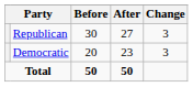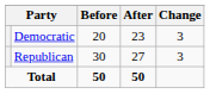 <table class="wikitable" style="text-align:center;">
 <tr>
 </tr>
 <tr>
 <th colspan=2>Party</th>
 <th>Before</th>
 <th>After</th>
 <th>Change</th>
 </tr>
 <tr>
 <th style="background-color:"></th>
-<td style="text-align:left;"><a href='#'>Republican</a></td>
-<td>30</td>
-<td>27</td>
+<td style="text-align:left;"><a href='#'>Democratic</a></td>
+<td>20</td>
+<td>23</td>
 <td> 3</td>
 </tr>
 <tr>
 <th style="background-color:"></th>
-<td style="text-align:left;"><a href='#'>Democratic</a></td>
-<td>20</td>
-<td>23</td>
+<td style="text-align:left;"><a href='#'>Republican</a></td>
+<td>30</td>
+<td>27</td>
 <td> 3</td>
 </tr>
 <tr>
 <td colspan=2><strong>Total</strong></td>
 <td><strong>50</strong></td>
 <td><strong>50</strong></td>
 <td></td>
 </tr>
 </table>
